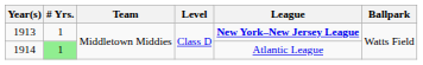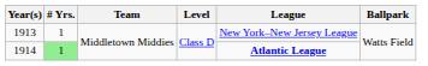 <table class="wikitable" style="text-align:center; font-size: 95%;">
 <tr>
 <th>Year(s)</th>
 <th># Yrs.</th>
 <th>Team</th>
 <th>Level</th>
 <th>League</th>
 <th>Ballpark</th>
 </tr>
 <tr>
 <td>1913</td>
 <td>1</td>
 <td rowspan=2>Middletown Middies</td>
 <td rowspan=2><a href='#'>Class D</a></td>
-<td><strong><a href='#'>New York–New Jersey League</a></strong></td>
+<td><a href='#'>New York–New Jersey League</a></td>
 <td rowspan=2>Watts Field</td>
 </tr>
 <tr>
 <td>1914</td>
 <td style="background: lightgreen;">1</td>
-<td><a href='#'>Atlantic League</a></td>
+<td><strong><a href='#'>Atlantic League</a></strong></td>
 </tr>
 </table>
